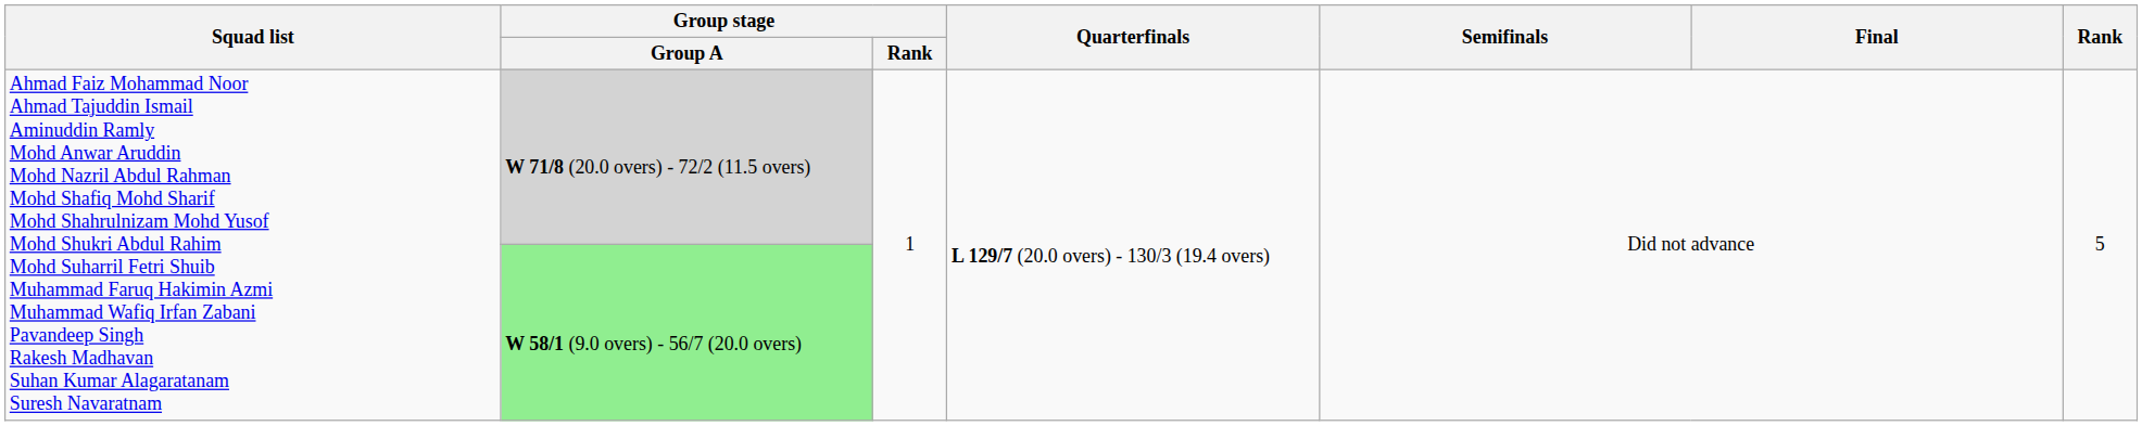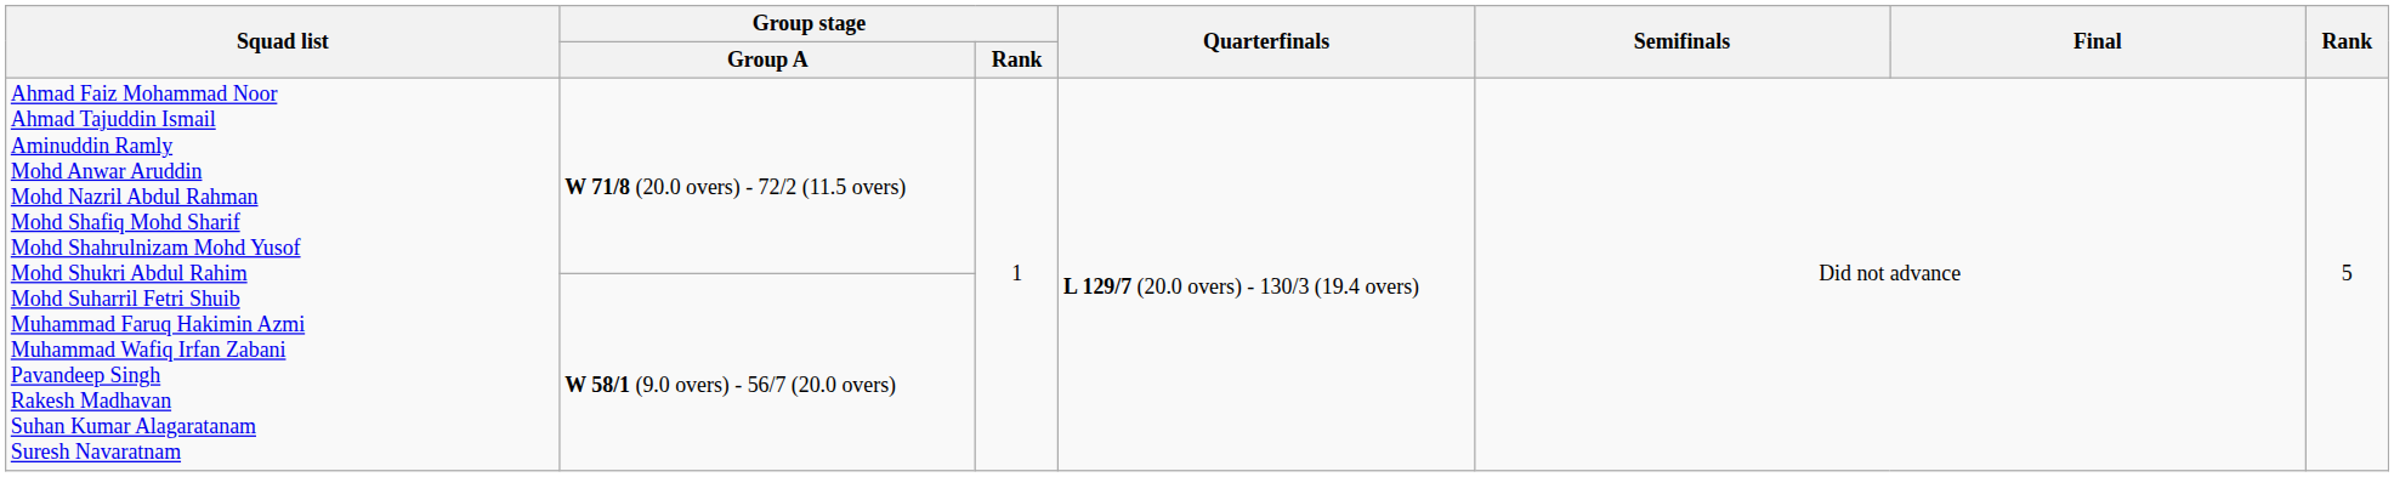 <table class=wikitable width="100%" style="font-size:90%; text-align:center">
 <tr>
 <th rowspan="2" width=20%>Squad list</th>
 <th colspan="2" width=18%>Group stage</th>
 <th rowspan="2" width=15%>Quarterfinals</th>
 <th rowspan="2" width=15%>Semifinals</th>
 <th rowspan="2" width=15%>Final</th>
 <th rowspan="2" width=3%>Rank</th>
 </tr>
 <tr>
 <th>Group A</th>
 <th width=3%>Rank</th>
 </tr>
 <tr>
 <td rowspan=2 align=left><a href='#'>Ahmad Faiz Mohammad Noor</a><br><a href='#'>Ahmad Tajuddin Ismail</a><br><a href='#'>Aminuddin Ramly</a><br><a href='#'>Mohd Anwar Aruddin</a><br><a href='#'>Mohd Nazril Abdul Rahman</a><br><a href='#'>Mohd Shafiq Mohd Sharif</a><br><a href='#'>Mohd Shahrulnizam Mohd Yusof</a><br><a href='#'>Mohd Shukri Abdul Rahim</a><br><a href='#'>Mohd Suharril Fetri Shuib</a><br><a href='#'>Muhammad Faruq Hakimin Azmi</a><br><a href='#'>Muhammad Wafiq Irfan Zabani</a><br><a href='#'>Pavandeep Singh</a><br><a href='#'>Rakesh Madhavan</a><br><a href='#'>Suhan Kumar Alagaratanam</a><br><a href='#'>Suresh Navaratnam</a></td>
-<td align=left style="background: lightgrey;"><br><strong>W 71/8</strong> (20.0 overs) - 72/2 (11.5 overs)</td>
+<td align=left><br><strong>W 71/8</strong> (20.0 overs) - 72/2 (11.5 overs)</td>
 <td rowspan=2>1 <strong></strong></td>
 <td rowspan=2 align=left><br><strong>L 129/7</strong> (20.0 overs) - 130/3 (19.4 overs)</td>
 <td rowspan=2 colspan=2>Did not advance</td>
 <td rowspan=2>5</td>
 </tr>
 <tr>
-<td align=left style="background: lightgreen;"><br><strong>W 58/1</strong> (9.0 overs) - 56/7 (20.0 overs)</td>
+<td align=left><br><strong>W 58/1</strong> (9.0 overs) - 56/7 (20.0 overs)</td>
 </tr>
 </table>
